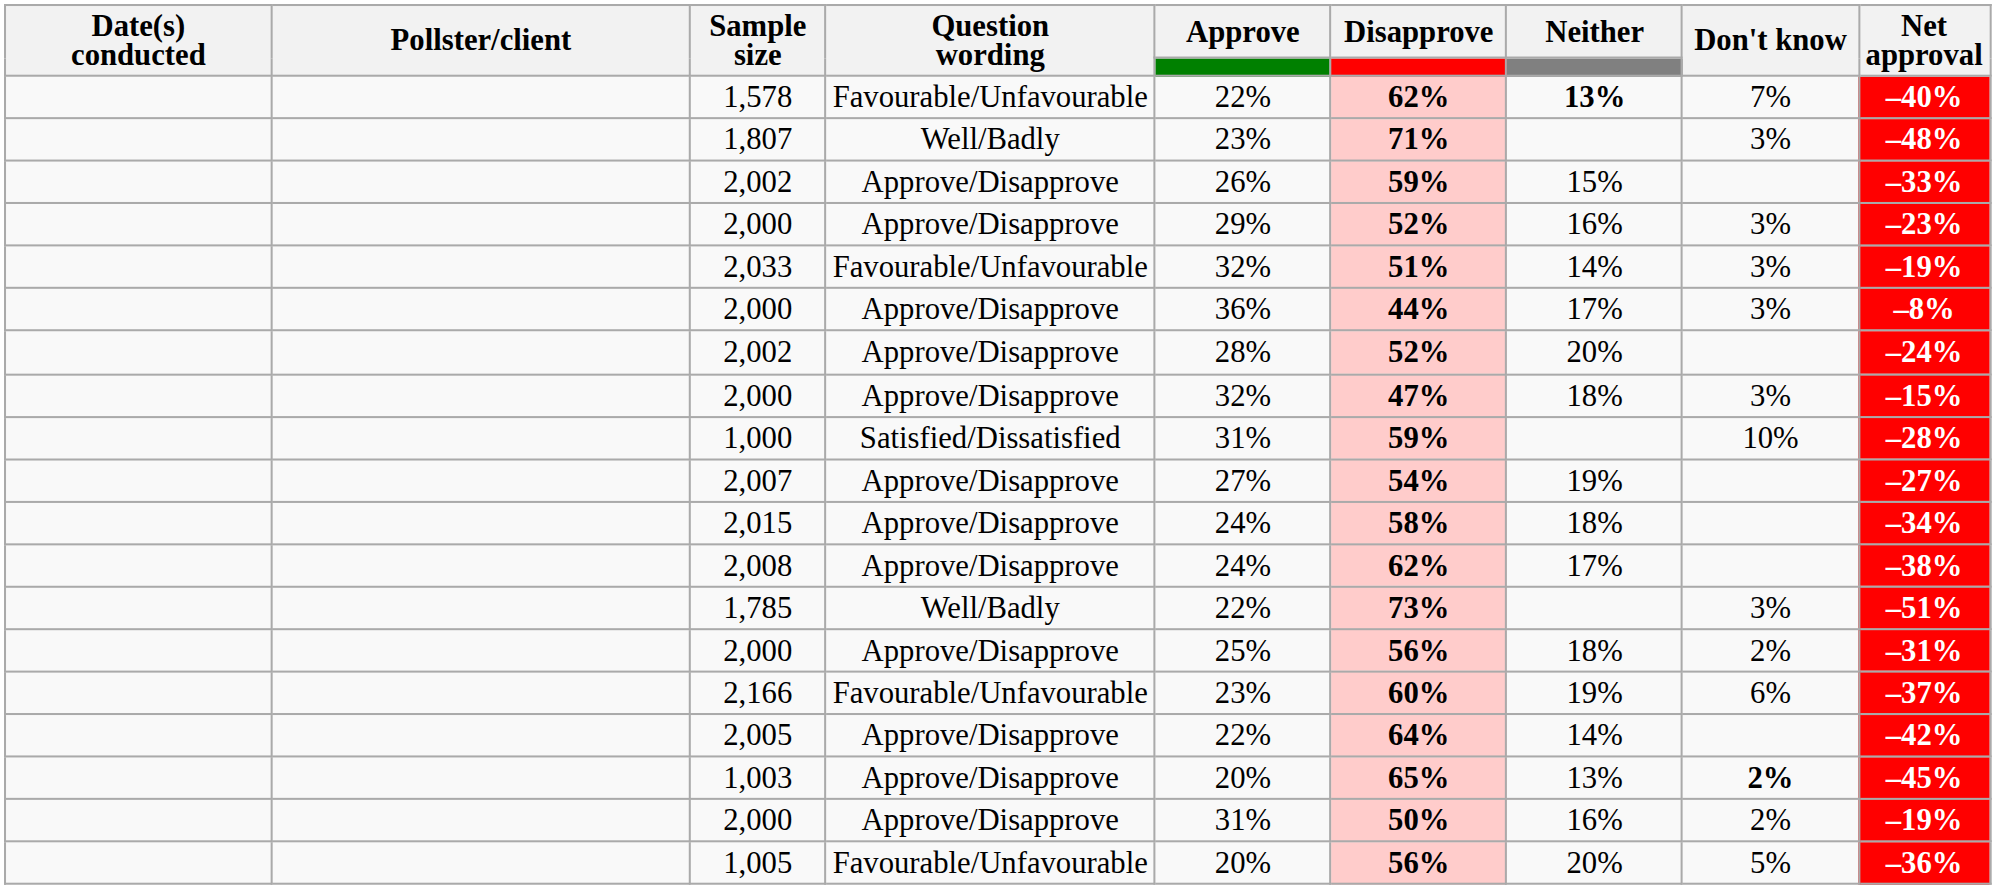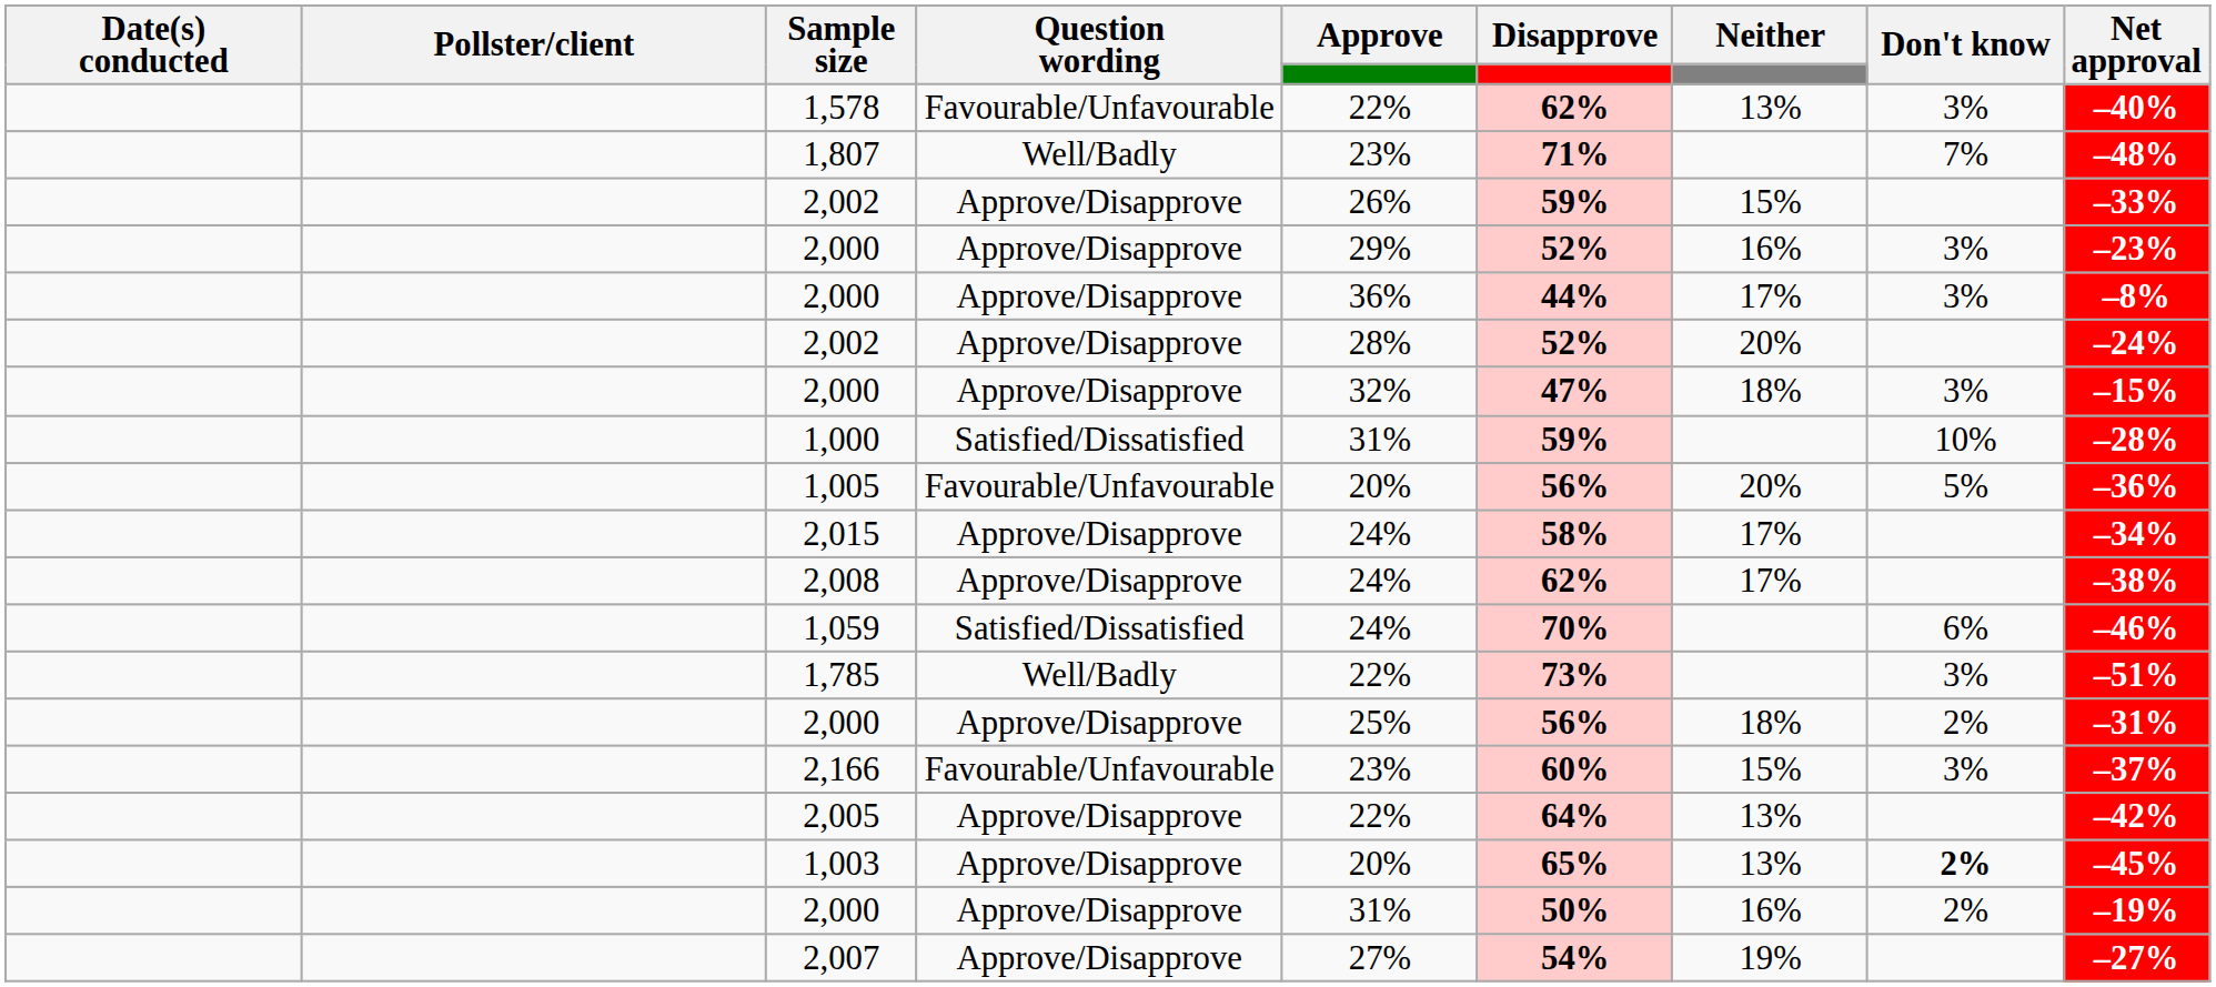 <table class="wikitable collapsible sortable mw-datatable" style="text-align:center;font-size:95%;line-height:14px;">
 <tr>
 <th style="width:125px;" rowspan="2">Date(s)<br>conducted</th>
 <th style="width:200px;" rowspan="2">Pollster/client</th>
 <th style="width:60px;" rowspan="2">Sample size</th>
 <th style="width:120px;" rowspan="2">Question<br>wording</th>
 <th class="unsortable" style="width:80px;">Approve</th>
 <th class="unsortable" style="width: 80px;">Disapprove</th>
 <th class="unsortable" style="width:80px;">Neither</th>
 <th class="unsortable" style="width:80px;" rowspan="2">Don't know</th>
 <th class="unsortable" style="width:20px;" rowspan="2">Net approval</th>
 </tr>
 <tr>
 <th class="unsortable" style="color:inherit;background:green;width:60px;"></th>
 <th class="unsortable" style="color:inherit;background:red;width:60px;"></th>
 <th class="unsortable" style="background:grey;width:60px;"></th>
 </tr>
 <tr>
 <td></td>
 <td></td>
 <td>1,578</td>
 <td>Favourable/Unfavourable</td>
 <td>22%</td>
 <td style="background:#ffcccb"><strong>62%</strong></td>
-<td><strong>13%</strong></td>
-<td>7%</td>
+<td>13%</td>
+<td>3%</td>
 <td style="background:red;color:white"><strong>–40%</strong></td>
 </tr>
 <tr>
 <td></td>
 <td></td>
 <td>1,807</td>
 <td>Well/Badly</td>
 <td>23%</td>
 <td style="background:#ffcccb"><strong>71%</strong></td>
 <td></td>
-<td>3%</td>
+<td>7%</td>
 <td style="background:red;color:white"><strong>–48%</strong></td>
 </tr>
 <tr>
 <td></td>
 <td></td>
 <td>2,002</td>
 <td>Approve/Disapprove</td>
 <td>26%</td>
 <td style="background:#ffcccb"><strong>59%</strong></td>
 <td>15%</td>
 <td></td>
 <td style="background:red;color:white"><strong>–33%</strong></td>
 </tr>
 <tr>
 <td></td>
 <td></td>
 <td>2,000</td>
 <td>Approve/Disapprove</td>
 <td>29%</td>
 <td style="background:#ffcccb"><strong>52%</strong></td>
 <td>16%</td>
 <td>3%</td>
 <td style="background:red;color:white"><strong>–23%</strong></td>
-</tr>
-<tr>
-<td></td>
-<td></td>
-<td>2,033</td>
-<td>Favourable/Unfavourable</td>
-<td>32%</td>
-<td style="background:#ffcccb"><strong>51%</strong></td>
-<td>14%</td>
-<td>3%</td>
-<td style="background:red;color:white;"><strong>–19%</strong></td>
 </tr>
 <tr>
 <td></td>
 <td></td>
 <td>2,000</td>
 <td>Approve/Disapprove</td>
 <td>36%</td>
 <td style="background:#ffcccb"><strong>44%</strong></td>
 <td>17%</td>
 <td>3%</td>
 <td style="background:red;color:white"><strong>–8%</strong></td>
 </tr>
 <tr>
 <td></td>
 <td></td>
 <td>2,002</td>
 <td>Approve/Disapprove</td>
 <td>28%</td>
 <td style="background:#ffcccb"><strong>52%</strong></td>
 <td>20%</td>
 <td></td>
 <td style="background:red;color:white"><strong>–24%</strong></td>
 </tr>
 <tr>
 <td></td>
 <td></td>
 <td>2,000</td>
 <td>Approve/Disapprove</td>
 <td>32%</td>
 <td style="background:#ffcccb"><strong>47%</strong></td>
 <td>18%</td>
 <td>3%</td>
 <td style="background:red;color:white"><strong>–15%</strong></td>
 </tr>
 <tr>
 <td></td>
 <td></td>
 <td>1,000</td>
 <td>Satisfied/Dissatisfied</td>
 <td>31%</td>
 <td style="background:#ffcccb"><strong>59%</strong></td>
 <td></td>
 <td>10%</td>
 <td style="background:red;color:white;"><strong>–28%</strong></td>
 </tr>
 <tr>
 <td></td>
 <td></td>
-<td>2,007</td>
-<td>Approve/Disapprove</td>
-<td>27%</td>
-<td style="background:#ffcccb"><strong>54%</strong></td>
-<td>19%</td>
-<td></td>
-<td style="background:red;color:white"><strong>–27%</strong></td>
+<td>1,005</td>
+<td>Favourable/Unfavourable</td>
+<td>20%</td>
+<td style="background:#ffcccb"><strong>56%</strong></td>
+<td>20%</td>
+<td>5%</td>
+<td style="background:red;color:white;"><strong>–36%</strong></td>
 </tr>
 <tr>
 <td></td>
 <td></td>
 <td>2,015</td>
 <td>Approve/Disapprove</td>
 <td>24%</td>
 <td style="background:#ffcccb"><strong>58%</strong></td>
-<td>18%</td>
+<td>17%</td>
 <td></td>
 <td style="background:red;color:white"><strong>–34%</strong></td>
 </tr>
 <tr>
 <td></td>
 <td></td>
 <td>2,008</td>
 <td>Approve/Disapprove</td>
 <td>24%</td>
 <td style="background:#ffcccb"><strong>62%</strong></td>
 <td>17%</td>
 <td></td>
 <td style="background:red;color:white"><strong>–38%</strong></td>
+</tr>
+<tr>
+<td></td>
+<td></td>
+<td>1,059</td>
+<td>Satisfied/Dissatisfied</td>
+<td>24%</td>
+<td style="background:#ffcccb"><strong>70%</strong></td>
+<td></td>
+<td>6%</td>
+<td style="background:red;color:white;"><strong>–46%</strong></td>
 </tr>
 <tr>
 <td></td>
 <td></td>
 <td>1,785</td>
 <td>Well/Badly</td>
 <td>22%</td>
 <td style="background:#ffcccb"><strong>73%</strong></td>
 <td></td>
 <td>3%</td>
 <td style="background:red;color:white"><strong>–51%</strong></td>
 </tr>
 <tr>
 <td></td>
 <td></td>
 <td>2,000</td>
 <td>Approve/Disapprove</td>
 <td>25%</td>
 <td style="background:#ffcccb"><strong>56%</strong></td>
 <td>18%</td>
 <td>2%</td>
 <td style="background:red;color:white"><strong>–31%</strong></td>
 </tr>
 <tr>
 <td></td>
 <td></td>
 <td>2,166</td>
 <td>Favourable/Unfavourable</td>
 <td>23%</td>
 <td style="background:#ffcccb"><strong>60%</strong></td>
-<td>19%</td>
-<td>6%</td>
+<td>15%</td>
+<td>3%</td>
 <td style="background:red;color:white;"><strong>–37%</strong></td>
 </tr>
 <tr>
 <td></td>
 <td></td>
 <td>2,005</td>
 <td>Approve/Disapprove</td>
 <td>22%</td>
 <td style="background:#ffcccb"><strong>64%</strong></td>
-<td>14%</td>
+<td>13%</td>
 <td></td>
 <td style="background:red;color:white"><strong>–42%</strong></td>
 </tr>
 <tr>
 <td></td>
 <td></td>
 <td>1,003</td>
 <td>Approve/Disapprove</td>
 <td>20%</td>
 <td style="background:#ffcccb"><strong>65%</strong></td>
 <td>13%</td>
 <td><strong>2%</strong></td>
 <td style="background:red;color:white"><strong>–45%</strong></td>
 </tr>
 <tr>
 <td></td>
 <td></td>
 <td>2,000</td>
 <td>Approve/Disapprove</td>
 <td>31%</td>
 <td style="background:#ffcccb"><strong>50%</strong></td>
 <td>16%</td>
 <td>2%</td>
 <td style="background:red;color:white;"><strong>–19%</strong></td>
 </tr>
 <tr>
 <td></td>
 <td></td>
-<td>1,005</td>
-<td>Favourable/Unfavourable</td>
-<td>20%</td>
-<td style="background:#ffcccb"><strong>56%</strong></td>
-<td>20%</td>
-<td>5%</td>
-<td style="background:red;color:white;"><strong>–36%</strong></td>
+<td>2,007</td>
+<td>Approve/Disapprove</td>
+<td>27%</td>
+<td style="background:#ffcccb"><strong>54%</strong></td>
+<td>19%</td>
+<td></td>
+<td style="background:red;color:white"><strong>–27%</strong></td>
 </tr>
 </table>
